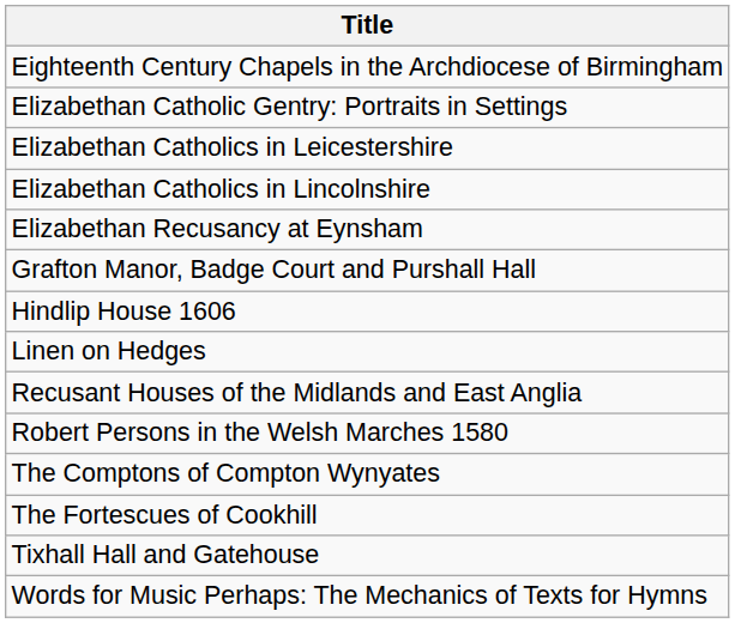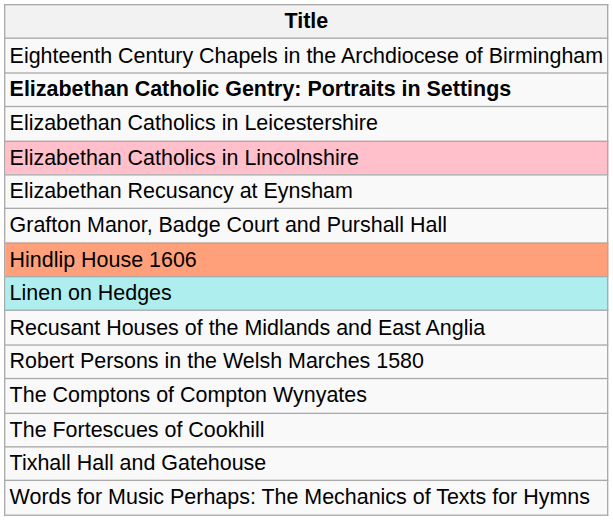 <table class="wikitable sortable mw-collapsible mw-collapsed">
 <tr>
 <th>Title</th>
 </tr>
 <tr>
 <td>Eighteenth Century Chapels in the Archdiocese of Birmingham</td>
 </tr>
 <tr>
-<td>Elizabethan Catholic Gentry: Portraits in Settings</td>
+<td><strong>Elizabethan Catholic Gentry: Portraits in Settings</strong></td>
 </tr>
 <tr>
 <td>Elizabethan Catholics in Leicestershire</td>
 </tr>
 <tr>
-<td>Elizabethan Catholics in Lincolnshire</td>
+<td style="background: pink;">Elizabethan Catholics in Lincolnshire</td>
 </tr>
 <tr>
 <td>Elizabethan Recusancy at Eynsham</td>
 </tr>
 <tr>
 <td>Grafton Manor, Badge Court and Purshall Hall</td>
 </tr>
 <tr>
-<td>Hindlip House 1606</td>
+<td style="background: lightsalmon;">Hindlip House 1606</td>
 </tr>
 <tr>
-<td>Linen on Hedges</td>
+<td style="background: paleturquoise;">Linen on Hedges</td>
 </tr>
 <tr>
 <td>Recusant Houses of the Midlands and East Anglia</td>
 </tr>
 <tr>
 <td>Robert Persons in the Welsh Marches 1580</td>
 </tr>
 <tr>
 <td>The Comptons of Compton Wynyates</td>
 </tr>
 <tr>
 <td>The Fortescues of Cookhill</td>
 </tr>
 <tr>
 <td>Tixhall Hall and Gatehouse</td>
 </tr>
 <tr>
 <td>Words for Music Perhaps: The Mechanics of Texts for Hymns</td>
 </tr>
 </table>
